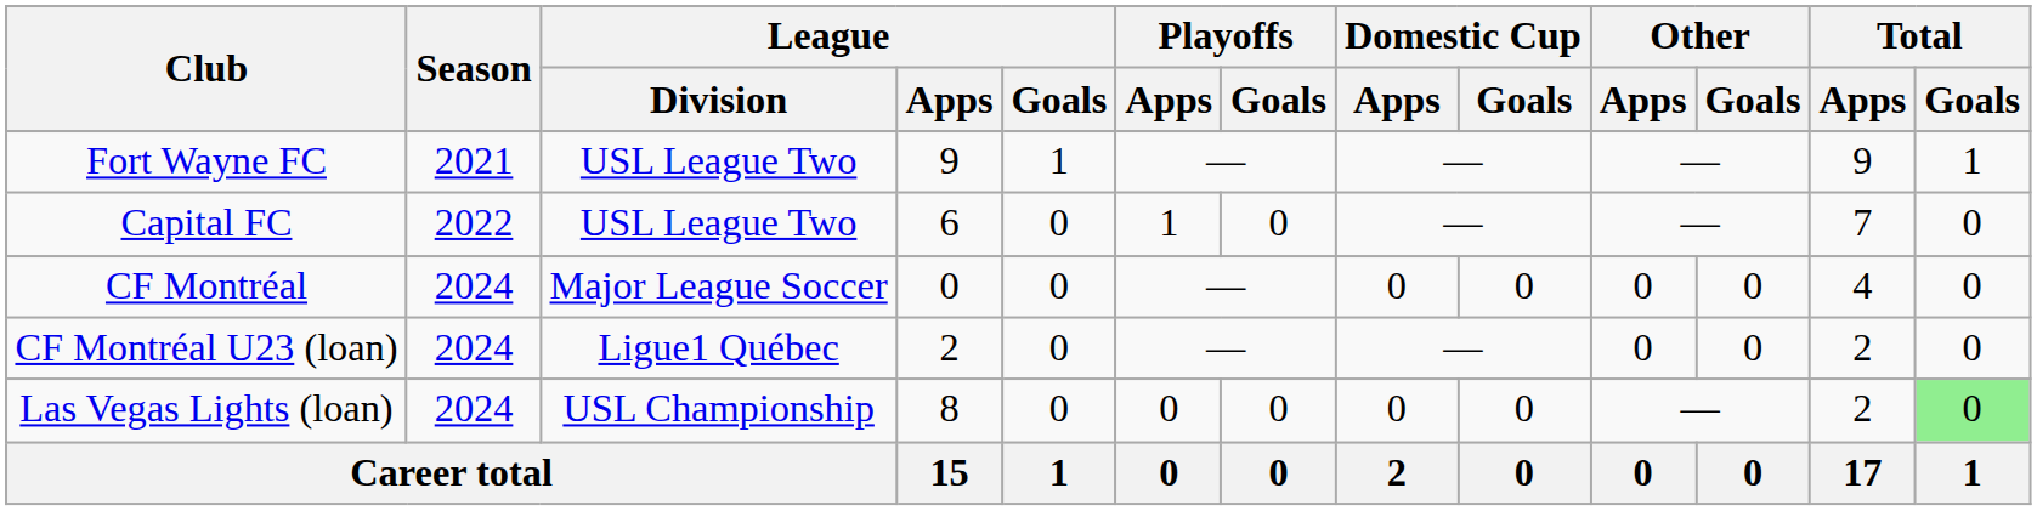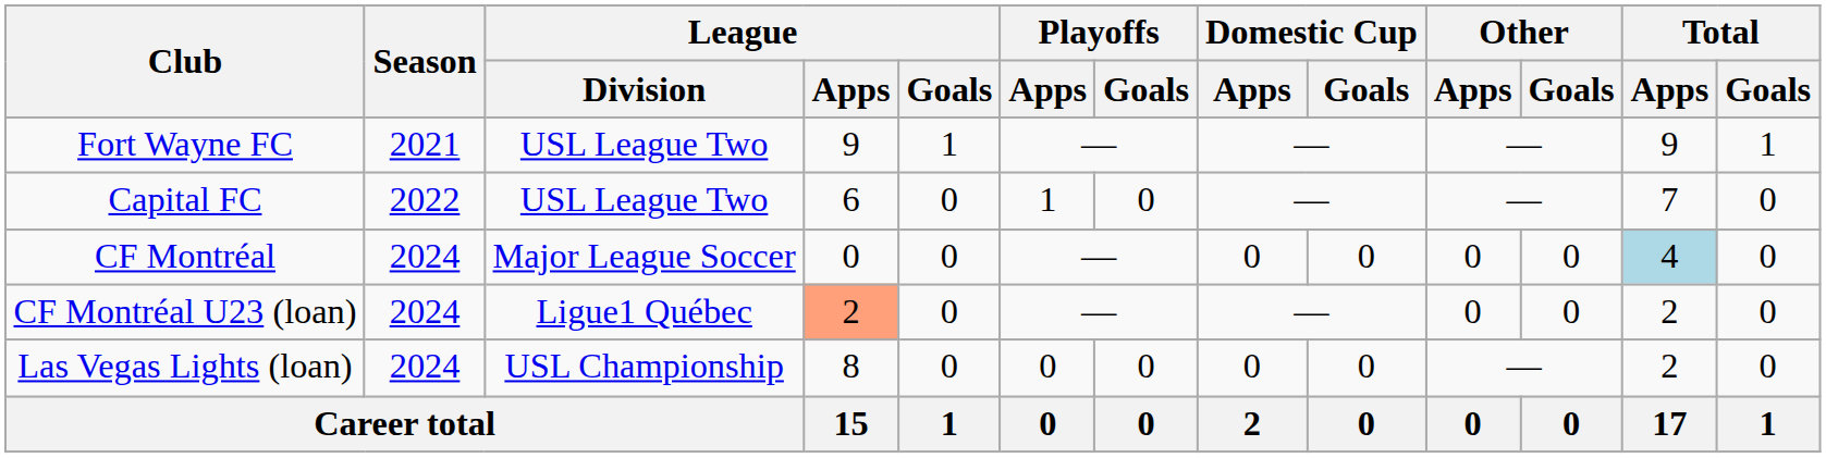 <table class="wikitable" style="text-align:center">
 <tr>
 <th rowspan="2">Club</th>
 <th rowspan="2">Season</th>
 <th colspan="3">League</th>
 <th colspan="2">Playoffs</th>
 <th colspan="2">Domestic Cup</th>
 <th colspan="2">Other</th>
 <th colspan="2">Total</th>
 </tr>
 <tr>
 <th>Division</th>
 <th>Apps</th>
 <th>Goals</th>
 <th>Apps</th>
 <th>Goals</th>
 <th>Apps</th>
 <th>Goals</th>
 <th>Apps</th>
 <th>Goals</th>
 <th>Apps</th>
 <th>Goals</th>
 </tr>
 <tr>
 <td><a href='#'>Fort Wayne FC</a></td>
 <td><a href='#'>2021</a></td>
 <td><a href='#'>USL League Two</a></td>
 <td>9</td>
 <td>1</td>
 <td colspan="2">—</td>
 <td colspan="2">—</td>
 <td colspan="2">—</td>
 <td>9</td>
 <td>1</td>
 </tr>
 <tr>
 <td><a href='#'>Capital FC</a></td>
 <td><a href='#'>2022</a></td>
 <td><a href='#'>USL League Two</a></td>
 <td>6</td>
 <td>0</td>
 <td>1</td>
 <td>0</td>
 <td colspan="2">—</td>
 <td colspan="2">—</td>
 <td>7</td>
 <td>0</td>
 </tr>
 <tr>
 <td><a href='#'>CF Montréal</a></td>
 <td><a href='#'>2024</a></td>
 <td><a href='#'>Major League Soccer</a></td>
 <td>0</td>
 <td>0</td>
 <td colspan="2">—</td>
 <td>0</td>
 <td>0</td>
 <td>0</td>
 <td>0</td>
-<td>4</td>
+<td style="background: lightblue;">4</td>
 <td>0</td>
 </tr>
 <tr>
 <td><a href='#'>CF Montréal U23</a> (loan)</td>
 <td><a href='#'>2024</a></td>
 <td><a href='#'>Ligue1 Québec</a></td>
-<td>2</td>
+<td style="background: lightsalmon;">2</td>
 <td>0</td>
 <td colspan="2">—</td>
 <td colspan="2">—</td>
 <td>0</td>
 <td>0</td>
 <td>2</td>
 <td>0</td>
 </tr>
 <tr>
 <td><a href='#'>Las Vegas Lights</a> (loan)</td>
 <td><a href='#'>2024</a></td>
 <td><a href='#'>USL Championship</a></td>
 <td>8</td>
 <td>0</td>
 <td>0</td>
 <td>0</td>
 <td>0</td>
 <td>0</td>
 <td colspan="2">—</td>
 <td>2</td>
-<td style="background: lightgreen;">0</td>
+<td>0</td>
 </tr>
 <tr>
 <th colspan="3">Career total</th>
 <th>15</th>
 <th>1</th>
 <th>0</th>
 <th>0</th>
 <th>2</th>
 <th>0</th>
 <th>0</th>
 <th>0</th>
 <th>17</th>
 <th>1</th>
 </tr>
 </table>
